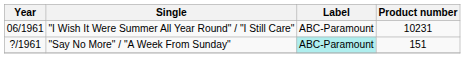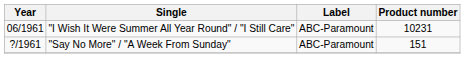 <table class="wikitable" style="text-align:center;">
 <tr>
 <th>Year</th>
 <th>Single</th>
 <th>Label</th>
 <th>Product number</th>
 </tr>
 <tr>
 <td>06/1961</td>
 <td style="text-align:left;">"I Wish It Were Summer All Year Round" / "I Still Care"</td>
 <td>ABC-Paramount</td>
 <td>10231</td>
 </tr>
 <tr>
 <td>?/1961</td>
 <td style="text-align:left;">"Say No More" / "A Week From Sunday"</td>
-<td style="background: paleturquoise;">ABC-Paramount</td>
+<td>ABC-Paramount</td>
 <td>151</td>
 </tr>
 <tr>
 </tr>
 </table>
